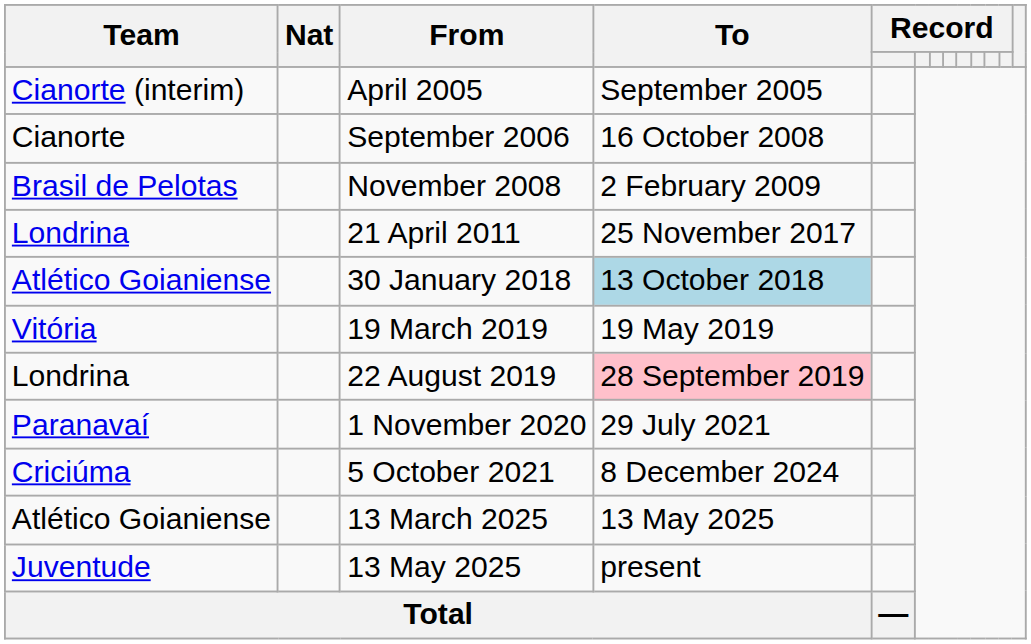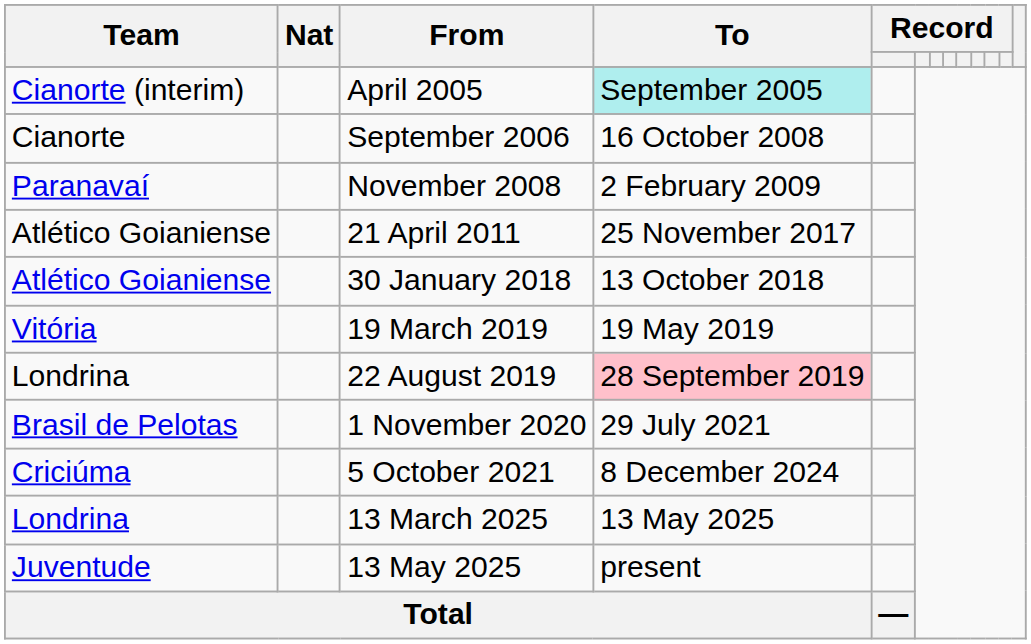 <table class="wikitable" style="text-align: center">
 <tr>
 <th rowspan="2">Team</th>
 <th rowspan="2">Nat</th>
 <th rowspan="2">From</th>
 <th rowspan="2">To</th>
 <th colspan="8">Record</th>
 <th rowspan=2></th>
 </tr>
 <tr>
 <th></th>
 <th></th>
 <th></th>
 <th></th>
 <th></th>
 <th></th>
 <th></th>
 <th></th>
 </tr>
 <tr>
 <td align=left><a href='#'>Cianorte</a> (interim)</td>
 <td></td>
 <td align=left>April 2005</td>
-<td align=left>September 2005<br></td>
+<td align=left style="background: paleturquoise;">September 2005<br></td>
 <td></td>
 </tr>
 <tr>
 <td align=left>Cianorte</td>
 <td></td>
 <td align=left>September 2006</td>
 <td align=left>16 October 2008<br></td>
 <td></td>
 </tr>
 <tr>
-<td align=left><a href='#'>Brasil de Pelotas</a></td>
+<td align=left><a href='#'>Paranavaí</a></td>
 <td></td>
 <td align=left>November 2008</td>
 <td align=left>2 February 2009<br></td>
 <td></td>
 </tr>
 <tr>
-<td align=left><a href='#'>Londrina</a></td>
+<td align=left>Atlético Goianiense</td>
 <td></td>
 <td align=left>21 April 2011</td>
 <td align=left>25 November 2017<br></td>
 <td></td>
 </tr>
 <tr>
 <td align=left><a href='#'>Atlético Goianiense</a></td>
 <td></td>
 <td align=left>30 January 2018</td>
-<td align=left style="background: lightblue;">13 October 2018<br></td>
+<td align=left>13 October 2018<br></td>
 <td></td>
 </tr>
 <tr>
 <td align=left><a href='#'>Vitória</a></td>
 <td></td>
 <td align=left>19 March 2019</td>
 <td align=left>19 May 2019<br></td>
 <td></td>
 </tr>
 <tr>
 <td align=left>Londrina</td>
 <td></td>
 <td align=left>22 August 2019</td>
 <td align=left style="background: pink;">28 September 2019<br></td>
 <td></td>
 </tr>
 <tr>
-<td align=left><a href='#'>Paranavaí</a></td>
+<td align=left><a href='#'>Brasil de Pelotas</a></td>
 <td></td>
 <td align=left>1 November 2020</td>
 <td align=left>29 July 2021<br></td>
 <td></td>
 </tr>
 <tr>
 <td align=left><a href='#'>Criciúma</a></td>
 <td></td>
 <td align=left>5 October 2021</td>
 <td align=left>8 December 2024<br></td>
 <td></td>
 </tr>
 <tr>
-<td align=left>Atlético Goianiense</td>
+<td align=left><a href='#'>Londrina</a></td>
 <td></td>
 <td align=left>13 March 2025</td>
 <td align=left>13 May 2025<br></td>
 <td></td>
 </tr>
 <tr>
 <td align=left><a href='#'>Juventude</a></td>
 <td></td>
 <td align=left>13 May 2025</td>
 <td align=left>present<br></td>
 <td></td>
 </tr>
 <tr>
 <th colspan="4">Total<br></th>
 <th>—</th>
 </tr>
 </table>
